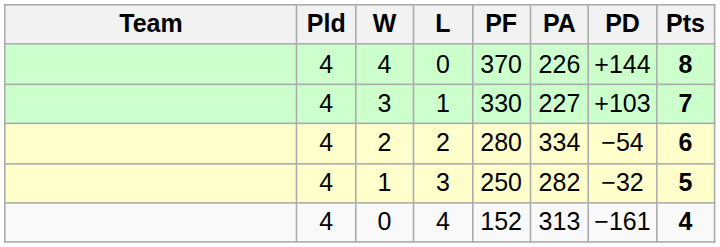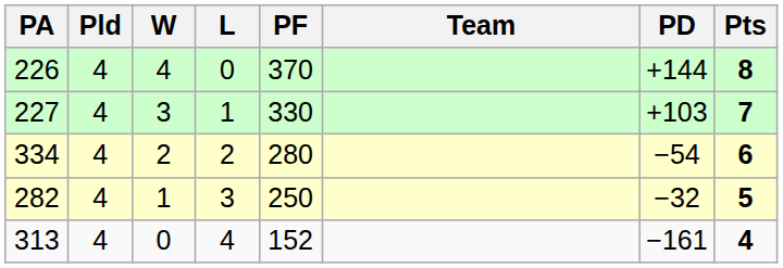 <table class=wikitable style="text-align:center">
 <tr>
-<th width=180>Team</th>
+<th width=30>PA</th>
 <th width=30>Pld</th>
 <th width=30>W</th>
 <th width=30>L</th>
 <th width=30>PF</th>
-<th width=30>PA</th>
+<th width=180>Team</th>
 <th width=30>PD</th>
 <th width=30>Pts</th>
 </tr>
 <tr bgcolor="#ccffcc">
-<td align="left"></td>
+<td>226</td>
 <td>4</td>
 <td>4</td>
 <td>0</td>
 <td>370</td>
-<td>226</td>
+<td align="left"></td>
 <td>+144</td>
 <td><strong>8</strong></td>
 </tr>
 <tr bgcolor="#ccffcc">
-<td align="left"></td>
+<td>227</td>
 <td>4</td>
 <td>3</td>
 <td>1</td>
 <td>330</td>
-<td>227</td>
+<td align="left"></td>
 <td>+103</td>
 <td><strong>7</strong></td>
 </tr>
 <tr bgcolor="ffffcc">
-<td align="left"></td>
+<td>334</td>
 <td>4</td>
 <td>2</td>
 <td>2</td>
 <td>280</td>
-<td>334</td>
+<td align="left"></td>
 <td>−54</td>
 <td><strong>6</strong></td>
 </tr>
 <tr bgcolor="ffffcc">
-<td align="left"></td>
+<td>282</td>
 <td>4</td>
 <td>1</td>
 <td>3</td>
 <td>250</td>
-<td>282</td>
+<td align="left"></td>
 <td>−32</td>
 <td><strong>5</strong></td>
 </tr>
 <tr>
-<td align="left"></td>
+<td>313</td>
 <td>4</td>
 <td>0</td>
 <td>4</td>
 <td>152</td>
-<td>313</td>
+<td align="left"></td>
 <td>−161</td>
 <td><strong>4</strong></td>
 </tr>
 </table>
